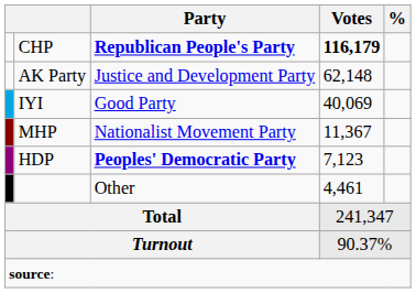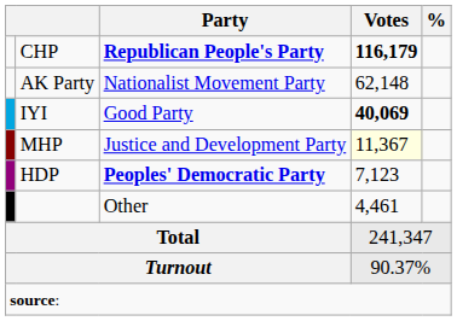 <table class="wikitable">
 <tr>
 <th colspan="2" align="center"></th>
 <th align="center">Party</th>
 <th align="center">Votes</th>
 <th align="center">%</th>
 </tr>
 <tr align="left">
 <td></td>
 <td>CHP</td>
 <td><strong><a href='#'>Republican People's Party</a></strong></td>
 <td><strong>116,179</strong></td>
 <td><strong></strong></td>
 </tr>
 <tr align="left">
 <td></td>
 <td>AK Party</td>
-<td><a href='#'>Justice and Development Party</a></td>
+<td><a href='#'>Nationalist Movement Party</a></td>
 <td>62,148</td>
 <td></td>
 </tr>
 <tr align="left">
 <td bgcolor="#01A7E1" width="1"></td>
 <td>IYI</td>
 <td><a href='#'>Good Party</a></td>
-<td>40,069</td>
+<td><strong>40,069</strong></td>
 <td></td>
 </tr>
 <tr align="left">
 <td bgcolor="#870000" width="1"></td>
 <td>MHP</td>
-<td><a href='#'>Nationalist Movement Party</a></td>
-<td>11,367</td>
+<td><a href='#'>Justice and Development Party</a></td>
+<td style="background: lightyellow;">11,367</td>
 <td></td>
 </tr>
 <tr align="left">
 <td bgcolor="#91007B" width="1"></td>
 <td>HDP</td>
 <td><strong><a href='#'>Peoples' Democratic Party</a></strong></td>
 <td>7,123</td>
 <td></td>
 </tr>
 <tr align="left">
 <td bgcolor=" " width="1"></td>
 <td></td>
 <td>Other</td>
 <td>4,461</td>
 <td></td>
 </tr>
 <tr align="left" style="background-color:#E9E9E9">
 <th colspan="3" align="center"><strong>Total</strong></th>
 <td colspan="5" align="center">241,347</td>
 </tr>
 <tr align="left" style="background-color:#E9E9E9">
 <th colspan="3" align="center"><em>Turnout</em></th>
 <td colspan="5" align="center">90.37%</td>
 </tr>
 <tr>
 <td colspan="9" align="left"><small><strong>source</strong>: </small></td>
 </tr>
 </table>
